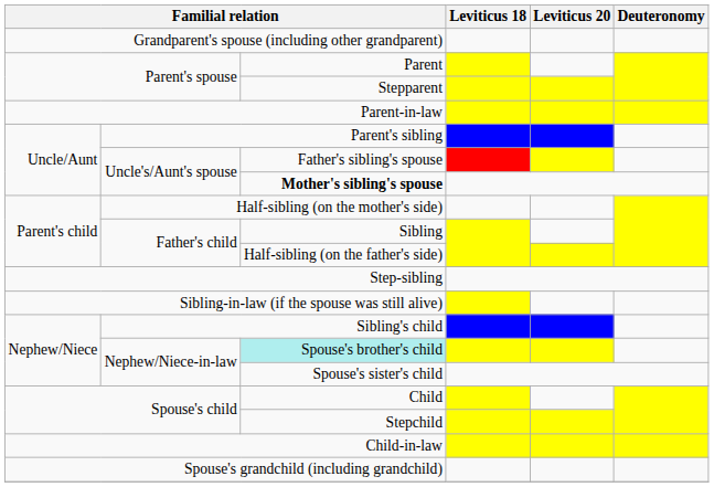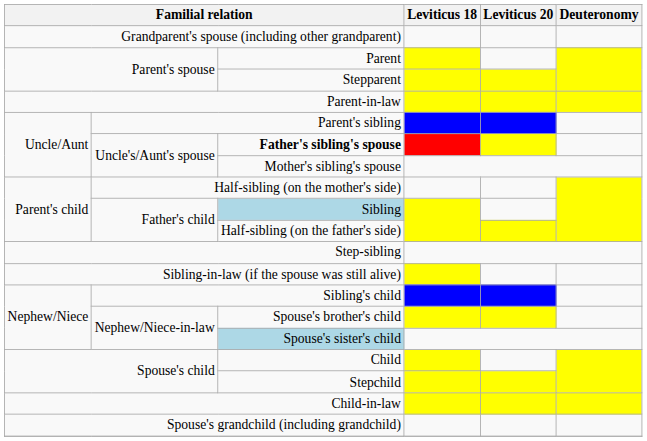 <table border="1" class="wikitable" style="text-align:right">
 <tr>
 <th colspan="3">Familial relation</th>
 <th>Leviticus 18</th>
 <th>Leviticus 20</th>
 <th>Deuteronomy</th>
 </tr>
 <tr>
 <td colspan="3">Grandparent's spouse (including other grandparent)</td>
 <td style="background-color:"></td>
 <td></td>
 <td></td>
 </tr>
 <tr>
 <td colspan="2" rowspan="2">Parent's spouse</td>
 <td>Parent</td>
 <td style="background-color:yellow"></td>
 <td></td>
 <td rowspan="2" style="background-color:yellow"></td>
 </tr>
 <tr>
 <td>Stepparent</td>
 <td style="background-color: yellow"></td>
 <td style="background-color: yellow"></td>
 </tr>
 <tr>
 <td colspan="3">Parent-in-law</td>
 <td style="background-color: yellow"></td>
 <td style="background-color:yellow"></td>
 <td style="background-color:yellow"></td>
 </tr>
 <tr>
 <td rowspan="3">Uncle/Aunt</td>
 <td colspan="2">Parent's sibling</td>
 <td style="background-color: blue"></td>
 <td style="background-color:blue"></td>
 <td></td>
 </tr>
 <tr>
 <td rowspan="2">Uncle's/Aunt's spouse</td>
-<td>Father's sibling's spouse</td>
+<td><strong>Father's sibling's spouse</strong></td>
 <td style="background-color:red"></td>
 <td style="background-color:yellow"></td>
 <td></td>
 </tr>
 <tr>
-<td><strong>Mother's sibling's spouse</strong></td>
+<td>Mother's sibling's spouse</td>
 <td colspan="3"></td>
 </tr>
 <tr>
 <td rowspan="3">Parent's child</td>
 <td colspan="2">Half-sibling (on the mother's side)</td>
 <td></td>
 <td></td>
 <td rowspan="3" style="background-color: yellow"></td>
 </tr>
 <tr>
 <td rowspan="2">Father's child</td>
-<td>Sibling</td>
+<td style="background: lightblue;">Sibling</td>
 <td rowspan="2" style="background-color: yellow"></td>
 <td></td>
 </tr>
 <tr>
 <td>Half-sibling (on the father's side)</td>
 <td style="background-color: yellow"></td>
 </tr>
 <tr>
 <td colspan="3">Step-sibling</td>
 <td colspan="3"></td>
 </tr>
 <tr>
 <td colspan="3">Sibling-in-law (if the spouse was still alive)</td>
 <td style="background-color: yellow"></td>
 <td></td>
 <td></td>
 </tr>
 <tr>
 <td rowspan="3">Nephew/Niece</td>
 <td colspan="2">Sibling's child</td>
 <td style="background-color:blue"></td>
 <td style="background-color:blue"></td>
 <td></td>
 </tr>
 <tr>
 <td rowspan="2">Nephew/Niece-in-law</td>
-<td style="background: paleturquoise;">Spouse's brother's child</td>
+<td>Spouse's brother's child</td>
 <td style="background-color:yellow"></td>
 <td style="background-color:yellow"></td>
 <td></td>
 </tr>
 <tr>
-<td>Spouse's sister's child</td>
+<td style="background: lightblue;">Spouse's sister's child</td>
 <td colspan="3"></td>
 </tr>
 <tr>
 <td colspan="2" rowspan="2">Spouse's child</td>
 <td>Child</td>
 <td style="background-color:yellow"></td>
 <td></td>
 <td rowspan="2" style="background-color:yellow"></td>
 </tr>
 <tr>
 <td>Stepchild</td>
 <td style="background-color: yellow"></td>
 <td style="background-color: yellow"></td>
 </tr>
 <tr>
 <td colspan="3">Child-in-law</td>
 <td style="background-color: yellow"></td>
 <td style="background-color:yellow"></td>
 <td style="background-color:yellow"></td>
 </tr>
 <tr>
 <td colspan="3">Spouse's grandchild (including grandchild)</td>
 <td style="background-color:"></td>
 <td></td>
 <td></td>
 </tr>
 <tr>
 </tr>
 </table>
